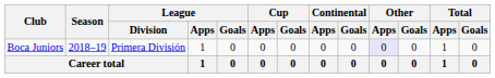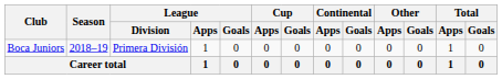 <table class="wikitable" style="text-align:center">
 <tr>
 <th rowspan="2">Club</th>
 <th rowspan="2">Season</th>
 <th colspan="3">League</th>
 <th colspan="2">Cup</th>
 <th colspan="2">Continental</th>
 <th colspan="2">Other</th>
 <th colspan="2">Total</th>
 </tr>
 <tr>
 <th>Division</th>
 <th>Apps</th>
 <th>Goals</th>
 <th>Apps</th>
 <th>Goals</th>
 <th>Apps</th>
 <th>Goals</th>
 <th>Apps</th>
 <th>Goals</th>
 <th>Apps</th>
 <th>Goals</th>
 </tr>
 <tr>
 <td rowspan="1"><a href='#'>Boca Juniors</a></td>
 <td><a href='#'>2018–19</a></td>
 <td rowspan="1"><a href='#'>Primera División</a></td>
 <td>1</td>
 <td>0</td>
 <td>0</td>
 <td>0</td>
 <td>0</td>
 <td>0</td>
-<td style="background: lavender;">0</td>
+<td>0</td>
 <td>0</td>
 <td>1</td>
 <td>0</td>
 </tr>
 <tr>
 <th colspan="3">Career total</th>
 <th>1</th>
 <th>0</th>
 <th>0</th>
 <th>0</th>
 <th>0</th>
 <th>0</th>
 <th>0</th>
 <th>0</th>
 <th>1</th>
 <th>0</th>
 </tr>
 </table>
